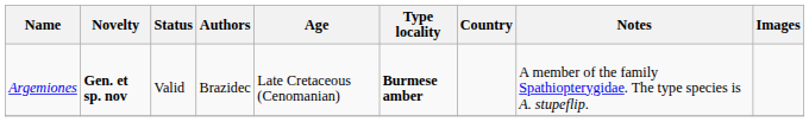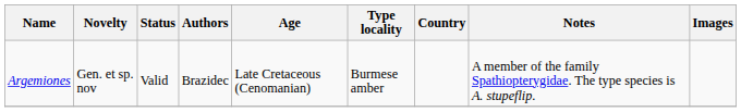 <table class="wikitable sortable" align="center" width="100%">
 <tr>
 <th>Name</th>
 <th>Novelty</th>
 <th>Status</th>
 <th>Authors</th>
 <th>Age</th>
 <th>Type locality</th>
 <th>Country</th>
 <th>Notes</th>
 <th>Images</th>
 </tr>
 <tr>
 <td><br><em><a href='#'>Argemiones</a></em></td>
-<td><strong><br>Gen. et sp. nov</strong></td>
+<td><br>Gen. et sp. nov</td>
 <td><br>Valid</td>
 <td><br>Brazidec</td>
 <td><br>Late Cretaceous (Cenomanian)</td>
-<td><strong><br>Burmese amber</strong></td>
+<td><br>Burmese amber</td>
 <td><br></td>
 <td><br>A member of the family <a href='#'>Spathiopterygidae</a>. The type species is <em>A. stupeflip</em>.</td>
 <td></td>
 </tr>
 <tr>
 </tr>
 </table>
